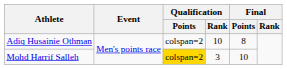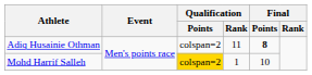 <table class="wikitable" style="font-size:90%;">
 <tr>
 <th rowspan=2>Athlete</th>
 <th rowspan=2>Event</th>
 <th colspan=2>Qualification</th>
 <th colspan=2>Final</th>
 </tr>
 <tr style="font-size:95%">
 <th>Points</th>
 <th>Rank</th>
 <th>Points</th>
 <th>Rank</th>
 </tr>
 <tr align=center>
 <td align=left><a href='#'>Adiq Husainie Othman</a></td>
 <td align=left rowspan=2><a href='#'>Men's points race</a></td>
 <td>colspan=2 </td>
-<td>10</td>
-<td>8</td>
+<td>11</td>
+<td><strong>8</strong></td>
 </tr>
 <tr align=center>
 <td align=left><a href='#'>Mohd Harrif Salleh</a></td>
 <td style="background: gold;">colspan=2 </td>
-<td>3</td>
+<td>1</td>
 <td>10</td>
 </tr>
 </table>
